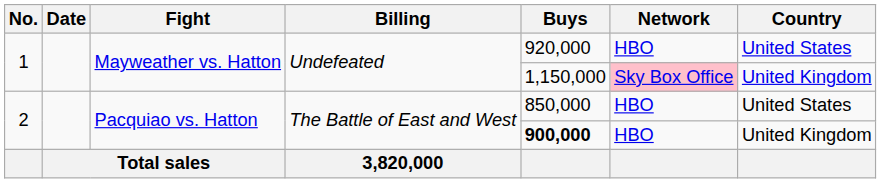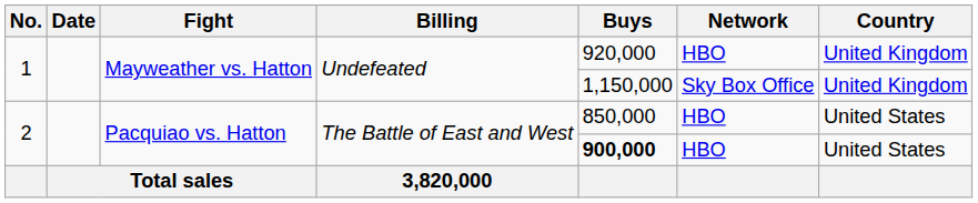 <table class="wikitable">
 <tr>
 <th>No.</th>
 <th>Date</th>
 <th>Fight</th>
 <th>Billing</th>
 <th>Buys</th>
 <th>Network</th>
 <th>Country</th>
 </tr>
 <tr>
 <td rowspan="2" style="text-align:center;">1</td>
 <td rowspan="2" style="text-align:center;"></td>
 <td rowspan="2"><a href='#'>Mayweather vs. Hatton</a></td>
 <td rowspan="2"><em>Undefeated</em></td>
 <td>920,000</td>
 <td><a href='#'>HBO</a></td>
-<td><a href='#'>United States</a></td>
+<td><a href='#'>United Kingdom</a></td>
 </tr>
 <tr>
 <td>1,150,000</td>
-<td style="background: pink;"><a href='#'>Sky Box Office</a></td>
+<td><a href='#'>Sky Box Office</a></td>
 <td><a href='#'>United Kingdom</a></td>
 </tr>
 <tr>
 <td rowspan="2" style="text-align:center;">2</td>
 <td rowspan="2" style="text-align:center;"></td>
 <td rowspan="2"><a href='#'>Pacquiao vs. Hatton</a></td>
 <td rowspan="2"><em>The Battle of East and West</em></td>
 <td>850,000</td>
 <td><a href='#'>HBO</a></td>
 <td>United States</td>
 </tr>
 <tr>
 <td><strong>900,000</strong></td>
 <td><a href='#'>HBO</a></td>
-<td>United Kingdom</td>
+<td>United States</td>
 </tr>
 <tr>
 <th></th>
 <th colspan="2">Total sales</th>
 <th>3,820,000</th>
 <th></th>
 <th></th>
 <th></th>
 </tr>
 </table>
